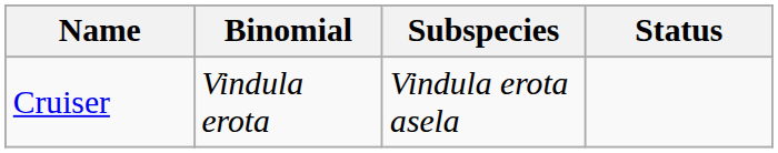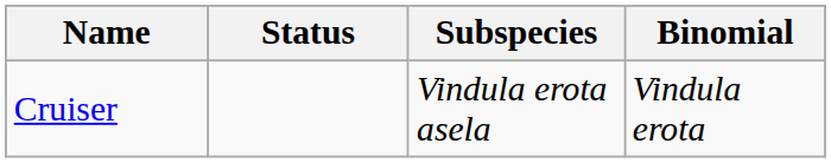 <table width=60% class="wikitable">
 <tr>
 <th width=20%>Name</th>
+<th width=20%>Status</th>
+<th width=20%>Subspecies</th>
 <th width=20%>Binomial</th>
-<th width=20%>Subspecies</th>
-<th width=20%>Status</th>
 </tr>
 <tr>
 <td><a href='#'>Cruiser</a><br>  </td>
+<td></td>
+<td><em>Vindula erota asela</em></td>
 <td><em>Vindula erota</em></td>
-<td><em>Vindula erota asela</em></td>
-<td></td>
 </tr>
 </table>
